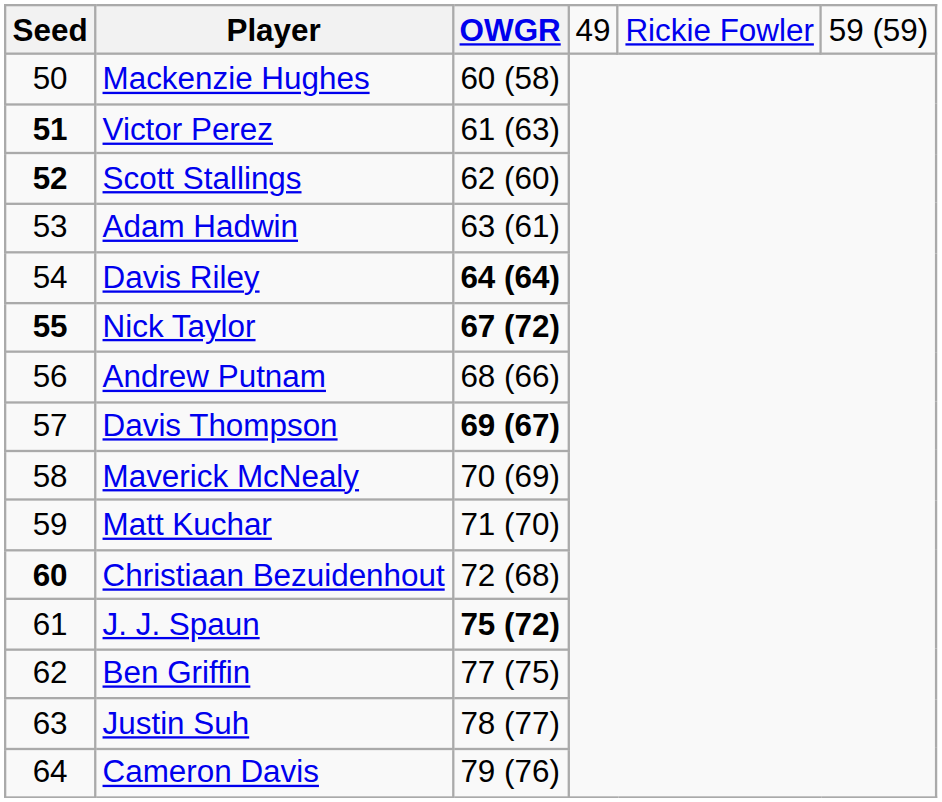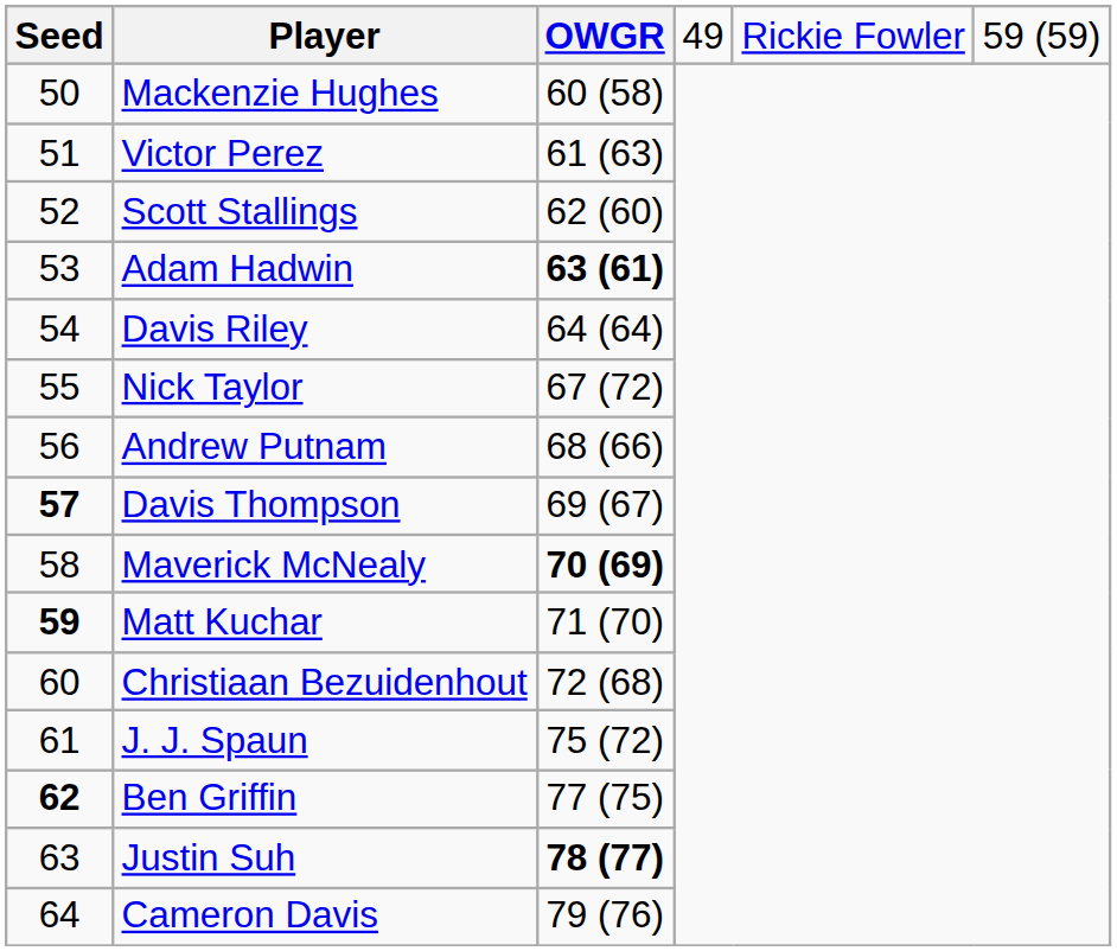 <table class=wikitable style=font-size:85%;text-align:center>
 <tr>
 <th>Seed</th>
 <th>Player</th>
 <th><a href='#'>OWGR</a></th>
 <td>49</td>
 <td style="text-align:left;"> <a href='#'>Rickie Fowler</a></td>
 <td>59 (59)</td>
 </tr>
 <tr>
 <td>50</td>
 <td style="text-align:left;"> <a href='#'>Mackenzie Hughes</a></td>
 <td>60 (58)</td>
 </tr>
 <tr>
-<td><strong>51</strong></td>
+<td>51</td>
 <td style="text-align:left;"> <a href='#'>Victor Perez</a></td>
 <td>61 (63)</td>
 </tr>
 <tr>
-<td><strong>52</strong></td>
+<td>52</td>
 <td style="text-align:left;"> <a href='#'>Scott Stallings</a></td>
 <td>62 (60)</td>
 </tr>
 <tr>
 <td>53</td>
 <td style="text-align:left;"> <a href='#'>Adam Hadwin</a></td>
-<td>63 (61)</td>
+<td><strong>63 (61)</strong></td>
 </tr>
 <tr>
 <td>54</td>
 <td style="text-align:left;"> <a href='#'>Davis Riley</a></td>
-<td><strong>64 (64)</strong></td>
+<td>64 (64)</td>
 </tr>
 <tr>
-<td><strong>55</strong></td>
+<td>55</td>
 <td style="text-align:left;"> <a href='#'>Nick Taylor</a></td>
-<td><strong>67 (72)</strong></td>
+<td>67 (72)</td>
 </tr>
 <tr>
 <td>56</td>
 <td style="text-align:left;"> <a href='#'>Andrew Putnam</a></td>
 <td>68 (66)</td>
 </tr>
 <tr>
-<td>57</td>
+<td><strong>57</strong></td>
 <td style="text-align:left;"> <a href='#'>Davis Thompson</a></td>
-<td><strong>69 (67)</strong></td>
+<td>69 (67)</td>
 </tr>
 <tr>
 <td>58</td>
 <td style="text-align:left;"> <a href='#'>Maverick McNealy</a></td>
-<td>70 (69)</td>
+<td><strong>70 (69)</strong></td>
 </tr>
 <tr>
-<td>59</td>
+<td><strong>59</strong></td>
 <td style="text-align:left;"> <a href='#'>Matt Kuchar</a></td>
 <td>71 (70)</td>
 </tr>
 <tr>
-<td><strong>60</strong></td>
+<td>60</td>
 <td style="text-align:left;"> <a href='#'>Christiaan Bezuidenhout</a></td>
 <td>72 (68)</td>
 </tr>
 <tr>
 <td>61</td>
 <td style="text-align:left;"> <a href='#'>J. J. Spaun</a></td>
-<td><strong>75 (72)</strong></td>
+<td>75 (72)</td>
 </tr>
 <tr>
-<td>62</td>
+<td><strong>62</strong></td>
 <td style="text-align:left;"> <a href='#'>Ben Griffin</a></td>
 <td>77 (75)</td>
 </tr>
 <tr>
 <td>63</td>
 <td style="text-align:left;"> <a href='#'>Justin Suh</a></td>
-<td>78 (77)</td>
+<td><strong>78 (77)</strong></td>
 </tr>
 <tr>
 <td>64</td>
 <td style="text-align:left;"> <a href='#'>Cameron Davis</a></td>
 <td>79 (76)</td>
 </tr>
 </table>
